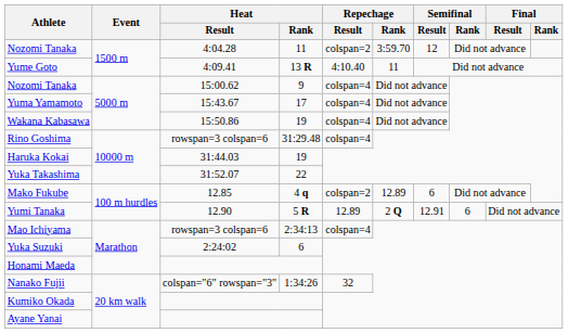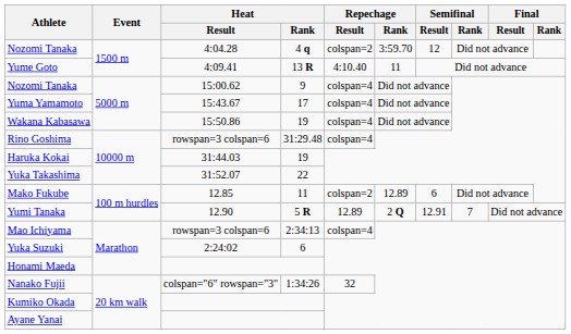 <table class="wikitable" style="font-size:90%">
 <tr>
 <th rowspan="2">Athlete</th>
 <th rowspan="2">Event</th>
 <th colspan="2">Heat</th>
 <th colspan="2">Repechage</th>
 <th colspan="2">Semifinal</th>
 <th colspan="2">Final</th>
 </tr>
 <tr style="font-size:95%">
 <th>Result</th>
 <th>Rank</th>
 <th>Result</th>
 <th>Rank</th>
 <th>Result</th>
 <th>Rank</th>
 <th>Result</th>
 <th>Rank</th>
 </tr>
 <tr align=center>
 <td align=left><a href='#'>Nozomi Tanaka</a></td>
 <td align=left rowspan=2><a href='#'>1500 m</a></td>
 <td>4:04.28</td>
-<td>11 <strong></strong></td>
+<td>4 <strong>q</strong></td>
 <td>colspan=2 </td>
 <td>3:59.70 <strong></strong></td>
 <td>12</td>
 <td colspan=2>Did not advance</td>
 </tr>
 <tr align=center>
 <td align=left><a href='#'>Yume Goto</a></td>
 <td>4:09.41 <strong></strong></td>
 <td>13 <strong>R</strong></td>
 <td>4:10.40</td>
 <td>11</td>
 <td colspan=4>Did not advance</td>
 </tr>
 <tr align=center>
 <td align=left><a href='#'>Nozomi Tanaka</a></td>
 <td align=left rowspan=3><a href='#'>5000 m</a></td>
 <td>15:00.62</td>
 <td>9</td>
 <td>colspan=4 </td>
 <td colspan=2>Did not advance</td>
 </tr>
 <tr align=center>
 <td align=left><a href='#'>Yuma Yamamoto</a></td>
 <td>15:43.67</td>
 <td>17</td>
 <td>colspan=4 </td>
 <td colspan=2>Did not advance</td>
 </tr>
 <tr align=center>
 <td align=left><a href='#'>Wakana Kabasawa</a></td>
 <td>15:50.86</td>
 <td>19</td>
 <td>colspan=4 </td>
 <td colspan=2>Did not advance</td>
 </tr>
 <tr align=center>
 <td align=left><a href='#'>Rino Goshima</a></td>
 <td rowspan=3 align=left><a href='#'>10000 m</a></td>
 <td>rowspan=3 colspan=6 </td>
 <td>31:29.48</td>
 <td>colspan=4 </td>
 </tr>
 <tr align=center>
 <td align=left><a href='#'>Haruka Kokai</a></td>
 <td>31:44.03</td>
 <td>19</td>
 </tr>
 <tr align=center>
 <td align=left><a href='#'>Yuka Takashima</a></td>
 <td>31:52.07 <strong></strong></td>
 <td>22</td>
 </tr>
 <tr align=center>
 <td align=left><a href='#'>Mako Fukube</a></td>
 <td align=left rowspan=2><a href='#'>100 m hurdles</a></td>
 <td>12.85</td>
-<td>4 <strong>q</strong></td>
+<td>11 <strong></strong></td>
 <td>colspan=2 </td>
 <td>12.89</td>
 <td>6</td>
 <td colspan=2>Did not advance</td>
 </tr>
 <tr align=center>
 <td align=left><a href='#'>Yumi Tanaka</a></td>
 <td>12.90</td>
 <td>5 <strong>R</strong></td>
 <td>12.89</td>
 <td>2 <strong>Q</strong></td>
 <td>12.91</td>
-<td>6</td>
+<td>7</td>
 <td colspan=2>Did not advance</td>
 </tr>
 <tr align=center>
 <td align=left><a href='#'>Mao Ichiyama</a></td>
 <td align=left rowspan=3><a href='#'>Marathon</a></td>
 <td>rowspan=3 colspan=6 </td>
 <td>2:34:13</td>
 <td>colspan=4 </td>
 </tr>
 <tr align=center>
 <td align=left><a href='#'>Yuka Suzuki</a></td>
 <td>2:24:02</td>
 <td>6</td>
 </tr>
 <tr align=center>
 <td align=left><a href='#'>Honami Maeda</a></td>
 <td colspan=2><strong></strong></td>
 </tr>
 <tr align=center>
 <td align=left><a href='#'>Nanako Fujii</a></td>
 <td align=left rowspan="3"><a href='#'>20 km walk</a></td>
 <td>colspan="6" rowspan="3" </td>
 <td>1:34:26</td>
 <td>32</td>
 </tr>
 <tr align=center>
 <td align=left><a href='#'>Kumiko Okada</a></td>
 <td colspan=2><strong></strong></td>
 </tr>
 <tr align=center>
 <td align=left><a href='#'>Ayane Yanai</a></td>
 <td colspan=2><strong></strong></td>
 </tr>
 </table>
